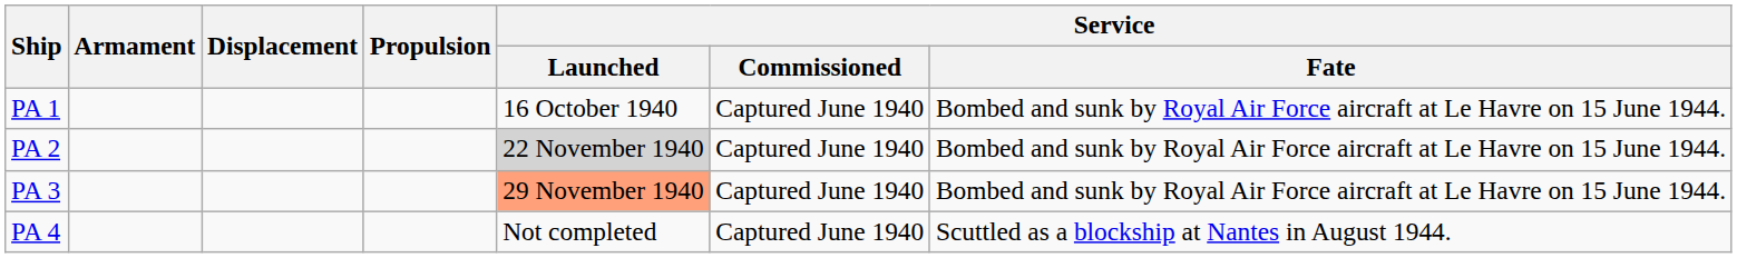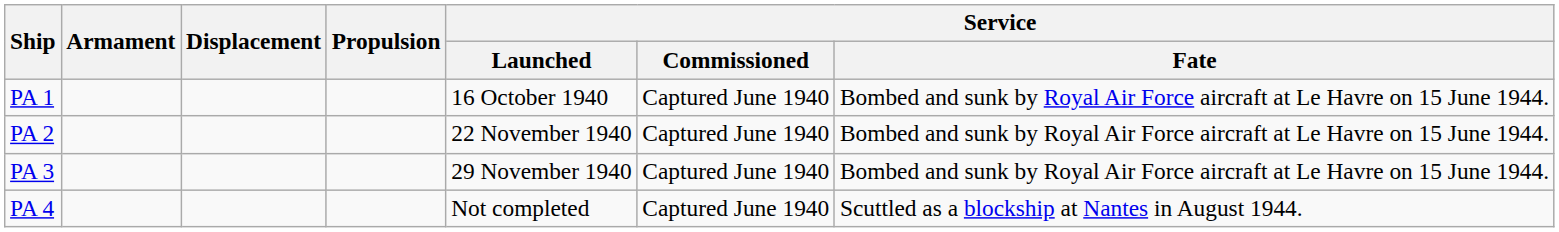 <table class="wikitable">
 <tr>
 <th rowspan="2">Ship</th>
 <th rowspan="2">Armament</th>
 <th rowspan="2">Displacement</th>
 <th rowspan="2">Propulsion</th>
 <th colspan="3">Service</th>
 </tr>
 <tr>
 <th>Launched</th>
 <th>Commissioned</th>
 <th>Fate</th>
 </tr>
 <tr>
 <td><a href='#'>PA 1</a></td>
 <td></td>
 <td></td>
 <td></td>
 <td>16 October 1940</td>
 <td>Captured June 1940</td>
 <td>Bombed and sunk by <a href='#'>Royal Air Force</a> aircraft at Le Havre on 15 June 1944.</td>
 </tr>
 <tr>
 <td><a href='#'>PA 2</a></td>
 <td></td>
 <td></td>
 <td></td>
-<td style="background: lightgrey;">22 November 1940</td>
+<td>22 November 1940</td>
 <td>Captured June 1940</td>
 <td>Bombed and sunk by Royal Air Force aircraft at Le Havre on 15 June 1944.</td>
 </tr>
 <tr>
 <td><a href='#'>PA 3</a></td>
 <td></td>
 <td></td>
 <td></td>
-<td style="background: lightsalmon;">29 November 1940</td>
+<td>29 November 1940</td>
 <td>Captured June 1940</td>
 <td>Bombed and sunk by Royal Air Force aircraft at Le Havre on 15 June 1944.</td>
 </tr>
 <tr>
 <td><a href='#'>PA 4</a></td>
 <td></td>
 <td></td>
 <td></td>
 <td>Not completed</td>
 <td>Captured June 1940</td>
 <td>Scuttled as a <a href='#'>blockship</a> at <a href='#'>Nantes</a> in August 1944.</td>
 </tr>
 </table>
